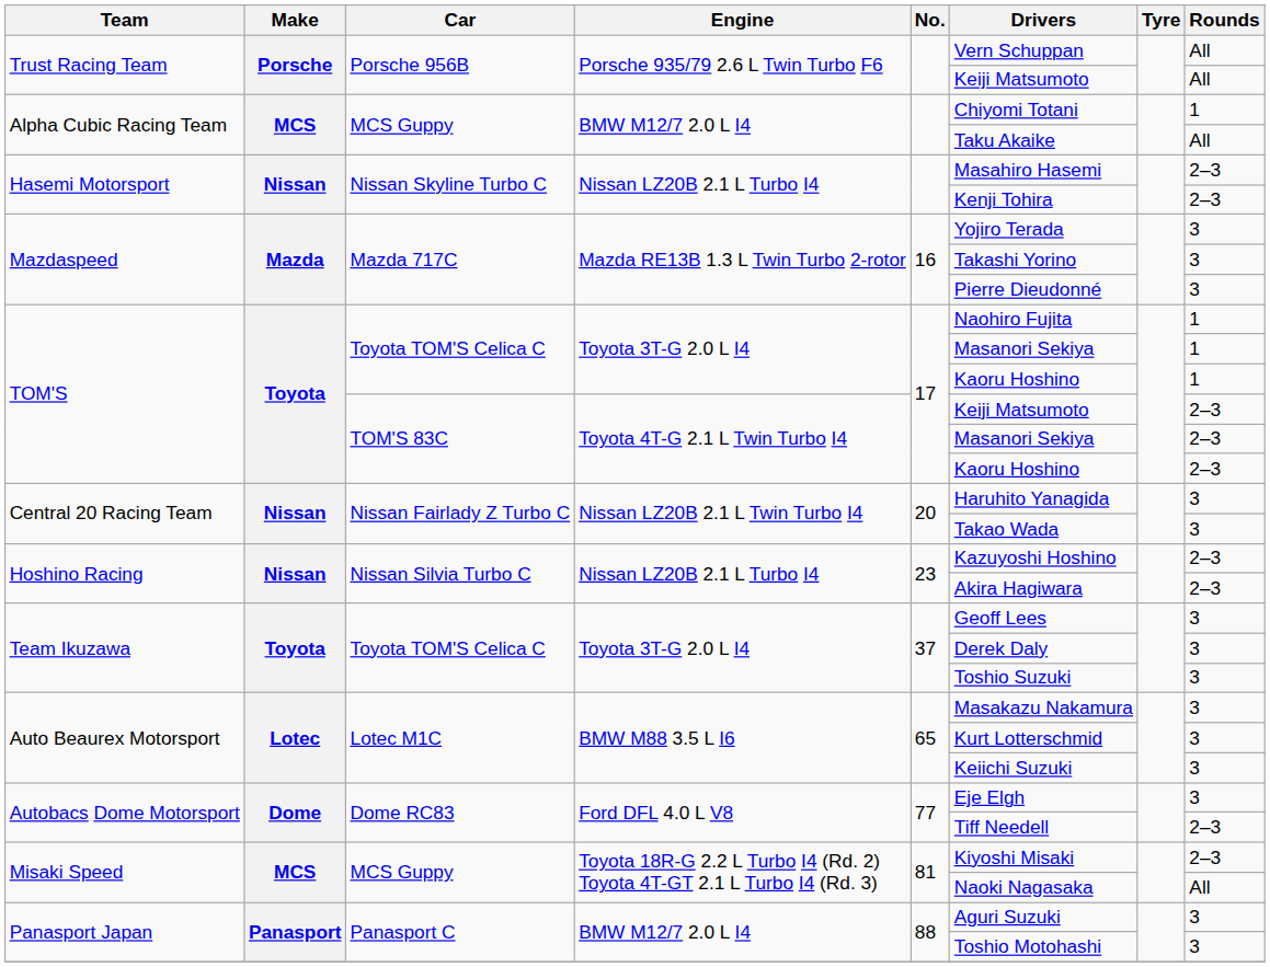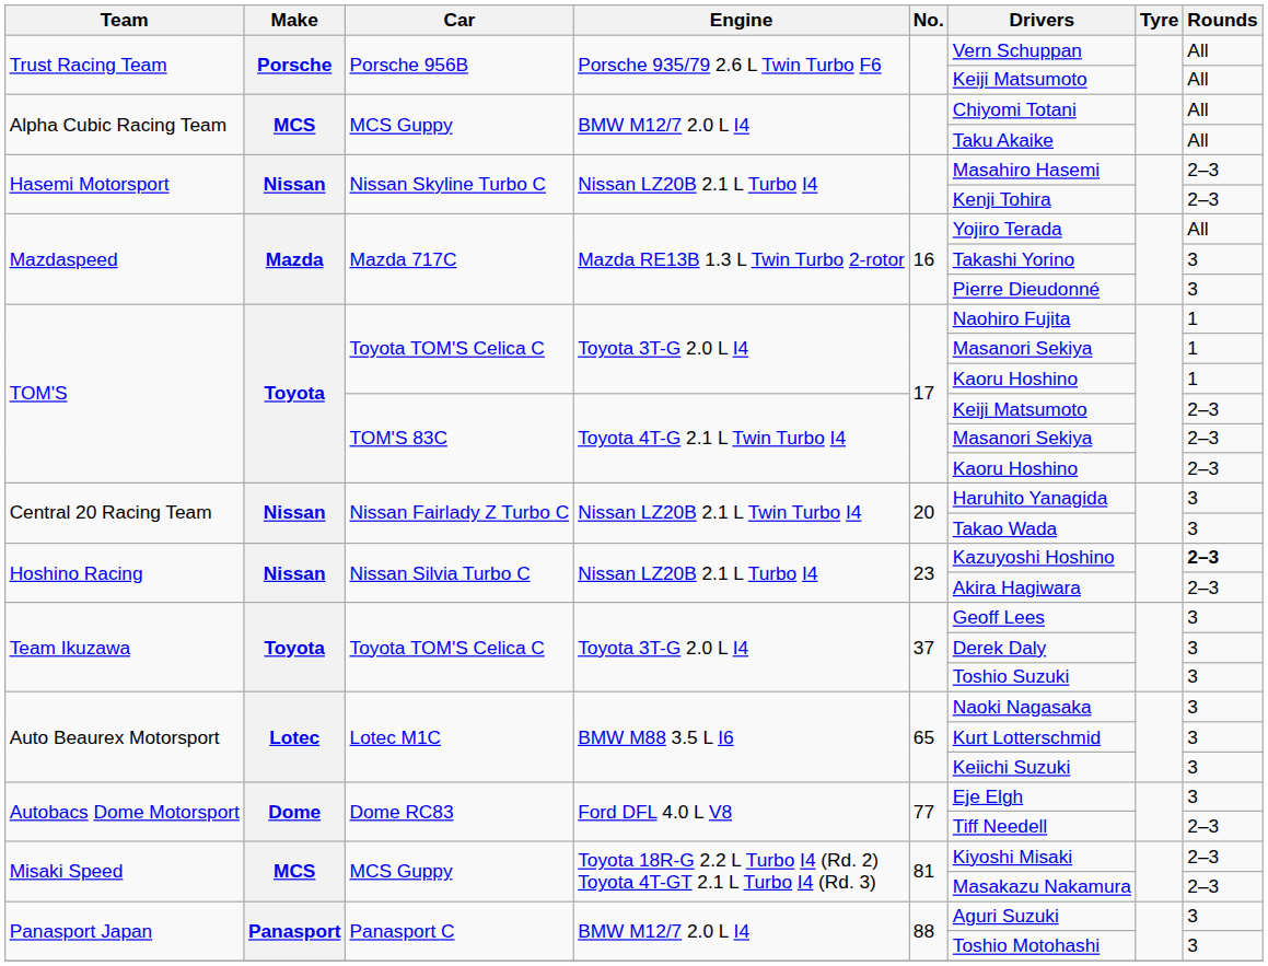 <table class="wikitable" style="font-size: 90%;">
 <tr>
 <th>Team</th>
 <th>Make</th>
 <th>Car</th>
 <th>Engine</th>
 <th>No.</th>
 <th>Drivers</th>
 <th>Tyre</th>
 <th>Rounds</th>
 </tr>
 <tr>
 <td rowspan=2><a href='#'>Trust Racing Team</a></td>
 <th rowspan=2><a href='#'>Porsche</a></th>
 <td rowspan=2><a href='#'>Porsche 956B</a></td>
 <td rowspan=2><a href='#'>Porsche 935/79</a> 2.6 L <a href='#'>Twin Turbo</a> <a href='#'>F6</a></td>
 <td rowspan=2></td>
 <td> <a href='#'>Vern Schuppan</a></td>
 <td align=center rowspan=2></td>
 <td>All</td>
 </tr>
 <tr>
 <td> <a href='#'>Keiji Matsumoto</a></td>
 <td>All</td>
 </tr>
 <tr>
 <td rowspan=2>Alpha Cubic Racing Team</td>
 <th rowspan=2><a href='#'>MCS</a></th>
 <td rowspan=2><a href='#'>MCS Guppy</a></td>
 <td rowspan=2><a href='#'>BMW M12/7</a> 2.0 L <a href='#'>I4</a></td>
 <td rowspan=2></td>
 <td> <a href='#'>Chiyomi Totani</a></td>
 <td align=center rowspan=2></td>
-<td>1</td>
+<td>All</td>
 </tr>
 <tr>
 <td> <a href='#'>Taku Akaike</a></td>
 <td>All</td>
 </tr>
 <tr>
 <td rowspan=2><a href='#'>Hasemi Motorsport</a></td>
 <th rowspan=2><a href='#'>Nissan</a></th>
 <td rowspan=2><a href='#'>Nissan Skyline Turbo C</a></td>
 <td rowspan=2><a href='#'>Nissan LZ20B</a> 2.1 L <a href='#'>Turbo</a> <a href='#'>I4</a></td>
 <td rowspan=2></td>
 <td> <a href='#'>Masahiro Hasemi</a></td>
 <td align=center rowspan=2></td>
 <td>2–3</td>
 </tr>
 <tr>
 <td> <a href='#'>Kenji Tohira</a></td>
 <td>2–3</td>
 </tr>
 <tr>
 <td rowspan=3><a href='#'>Mazdaspeed</a></td>
 <th rowspan=3><a href='#'>Mazda</a></th>
 <td rowspan=3><a href='#'>Mazda 717C</a></td>
 <td rowspan=3><a href='#'>Mazda RE13B</a> 1.3 L <a href='#'>Twin Turbo</a> <a href='#'>2-rotor</a></td>
 <td rowspan=3>16</td>
 <td> <a href='#'>Yojiro Terada</a></td>
 <td align=center rowspan=3></td>
-<td>3</td>
+<td>All</td>
 </tr>
 <tr>
 <td> <a href='#'>Takashi Yorino</a></td>
 <td>3</td>
 </tr>
 <tr>
 <td> <a href='#'>Pierre Dieudonné</a></td>
 <td>3</td>
 </tr>
 <tr>
 <td rowspan=6><a href='#'>TOM'S</a></td>
 <th rowspan=6><a href='#'>Toyota</a></th>
 <td rowspan=3><a href='#'>Toyota TOM'S Celica C</a></td>
 <td rowspan=3><a href='#'>Toyota 3T-G</a> 2.0 L <a href='#'>I4</a></td>
 <td rowspan=6>17</td>
 <td> <a href='#'>Naohiro Fujita</a></td>
 <td align=center rowspan=6></td>
 <td>1</td>
 </tr>
 <tr>
 <td> <a href='#'>Masanori Sekiya</a></td>
 <td>1</td>
 </tr>
 <tr>
 <td> <a href='#'>Kaoru Hoshino</a></td>
 <td>1</td>
 </tr>
 <tr>
 <td rowspan=3><a href='#'>TOM'S 83C</a></td>
 <td rowspan=3><a href='#'>Toyota 4T-G</a> 2.1 L <a href='#'>Twin Turbo</a> <a href='#'>I4</a></td>
 <td> <a href='#'>Keiji Matsumoto</a></td>
 <td>2–3</td>
 </tr>
 <tr>
 <td> <a href='#'>Masanori Sekiya</a></td>
 <td>2–3</td>
 </tr>
 <tr>
 <td> <a href='#'>Kaoru Hoshino</a></td>
 <td>2–3</td>
 </tr>
 <tr>
 <td rowspan=2>Central 20 Racing Team</td>
 <th rowspan=2><a href='#'>Nissan</a></th>
 <td rowspan=2><a href='#'>Nissan Fairlady Z Turbo C</a></td>
 <td rowspan=2><a href='#'>Nissan LZ20B</a> 2.1 L <a href='#'>Twin Turbo</a> <a href='#'>I4</a></td>
 <td rowspan=2>20</td>
 <td> <a href='#'>Haruhito Yanagida</a></td>
 <td align=center rowspan=2></td>
 <td>3</td>
 </tr>
 <tr>
 <td> <a href='#'>Takao Wada</a></td>
 <td>3</td>
 </tr>
 <tr>
 <td rowspan=2><a href='#'>Hoshino Racing</a></td>
 <th rowspan=2><a href='#'>Nissan</a></th>
 <td rowspan=2><a href='#'>Nissan Silvia Turbo C</a></td>
 <td rowspan=2><a href='#'>Nissan LZ20B</a> 2.1 L <a href='#'>Turbo</a> <a href='#'>I4</a></td>
 <td rowspan=2>23</td>
 <td> <a href='#'>Kazuyoshi Hoshino</a></td>
 <td align=center rowspan=2></td>
-<td>2–3</td>
+<td><strong>2–3</strong></td>
 </tr>
 <tr>
 <td> <a href='#'>Akira Hagiwara</a></td>
 <td>2–3</td>
 </tr>
 <tr>
 <td rowspan=3><a href='#'>Team Ikuzawa</a></td>
 <th rowspan=3><a href='#'>Toyota</a></th>
 <td rowspan=3><a href='#'>Toyota TOM'S Celica C</a></td>
 <td rowspan=3><a href='#'>Toyota 3T-G</a> 2.0 L <a href='#'>I4</a></td>
 <td rowspan=3>37</td>
 <td> <a href='#'>Geoff Lees</a></td>
 <td align=center rowspan=3></td>
 <td>3</td>
 </tr>
 <tr>
 <td> <a href='#'>Derek Daly</a></td>
 <td>3</td>
 </tr>
 <tr>
 <td> <a href='#'>Toshio Suzuki</a></td>
 <td>3</td>
 </tr>
 <tr>
 <td rowspan=3>Auto Beaurex Motorsport</td>
 <th rowspan=3><a href='#'>Lotec</a></th>
 <td rowspan=3><a href='#'>Lotec M1C</a></td>
 <td rowspan=3><a href='#'>BMW M88</a> 3.5 L <a href='#'>I6</a></td>
 <td rowspan=3>65</td>
-<td> <a href='#'>Masakazu Nakamura</a></td>
+<td> <a href='#'>Naoki Nagasaka</a></td>
 <td align=center rowspan=3></td>
 <td>3</td>
 </tr>
 <tr>
 <td> <a href='#'>Kurt Lotterschmid</a></td>
 <td>3</td>
 </tr>
 <tr>
 <td> <a href='#'>Keiichi Suzuki</a></td>
 <td>3</td>
 </tr>
 <tr>
 <td rowspan=2><a href='#'>Autobacs</a> <a href='#'>Dome Motorsport</a></td>
 <th rowspan=2><a href='#'>Dome</a></th>
 <td rowspan=2><a href='#'>Dome RC83</a></td>
 <td rowspan=2><a href='#'>Ford DFL</a> 4.0 L <a href='#'>V8</a></td>
 <td rowspan=2>77</td>
 <td> <a href='#'>Eje Elgh</a></td>
 <td align=center rowspan=2></td>
 <td>3</td>
 </tr>
 <tr>
 <td> <a href='#'>Tiff Needell</a></td>
 <td>2–3</td>
 </tr>
 <tr>
 <td rowspan=2><a href='#'>Misaki Speed</a></td>
 <th rowspan=2><a href='#'>MCS</a></th>
 <td rowspan=2><a href='#'>MCS Guppy</a></td>
 <td rowspan=2><a href='#'>Toyota 18R-G</a> 2.2 L <a href='#'>Turbo</a> <a href='#'>I4</a> (Rd. 2)<br><a href='#'>Toyota 4T-GT</a> 2.1 L <a href='#'>Turbo</a> <a href='#'>I4</a> (Rd. 3)</td>
 <td rowspan=2>81</td>
 <td> <a href='#'>Kiyoshi Misaki</a></td>
 <td align=center rowspan=2></td>
 <td>2–3</td>
 </tr>
 <tr>
-<td> <a href='#'>Naoki Nagasaka</a></td>
-<td>All</td>
+<td> <a href='#'>Masakazu Nakamura</a></td>
+<td>2–3</td>
 </tr>
 <tr>
 <td rowspan=2><a href='#'>Panasport Japan</a></td>
 <th rowspan=2><a href='#'>Panasport</a></th>
 <td rowspan=2><a href='#'>Panasport C</a></td>
 <td rowspan=2><a href='#'>BMW M12/7</a> 2.0 L <a href='#'>I4</a></td>
 <td rowspan=2>88</td>
 <td> <a href='#'>Aguri Suzuki</a></td>
 <td align=center rowspan=2></td>
 <td>3</td>
 </tr>
 <tr>
 <td> <a href='#'>Toshio Motohashi</a></td>
 <td>3</td>
 </tr>
 <tr>
 </tr>
 </table>
